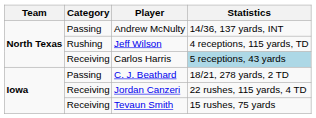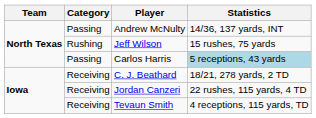 <table class="wikitable" style="float: left;">
 <tr>
 <th>Team</th>
 <th>Category</th>
 <th>Player</th>
 <th>Statistics</th>
 </tr>
 <tr>
 <td rowspan=3><strong>North Texas</strong></td>
 <td>Passing</td>
 <td>Andrew McNulty</td>
 <td>14/36, 137 yards, INT</td>
 </tr>
 <tr>
 <td>Rushing</td>
 <td><a href='#'>Jeff Wilson</a></td>
-<td>4 receptions, 115 yards, TD</td>
+<td>15 rushes, 75 yards</td>
 </tr>
 <tr>
-<td>Receiving</td>
+<td>Passing</td>
 <td>Carlos Harris</td>
 <td style="background: lightblue;">5 receptions, 43 yards</td>
 </tr>
 <tr>
 <td rowspan=3><strong>Iowa</strong></td>
-<td>Passing</td>
+<td>Receiving</td>
 <td><a href='#'>C. J. Beathard</a></td>
 <td>18/21, 278 yards, 2 TD</td>
 </tr>
 <tr>
 <td>Receiving</td>
 <td><a href='#'>Jordan Canzeri</a></td>
 <td>22 rushes, 115 yards, 4 TD</td>
 </tr>
 <tr>
 <td>Receiving</td>
 <td><a href='#'>Tevaun Smith</a></td>
-<td>15 rushes, 75 yards</td>
+<td>4 receptions, 115 yards, TD</td>
 </tr>
 </table>
